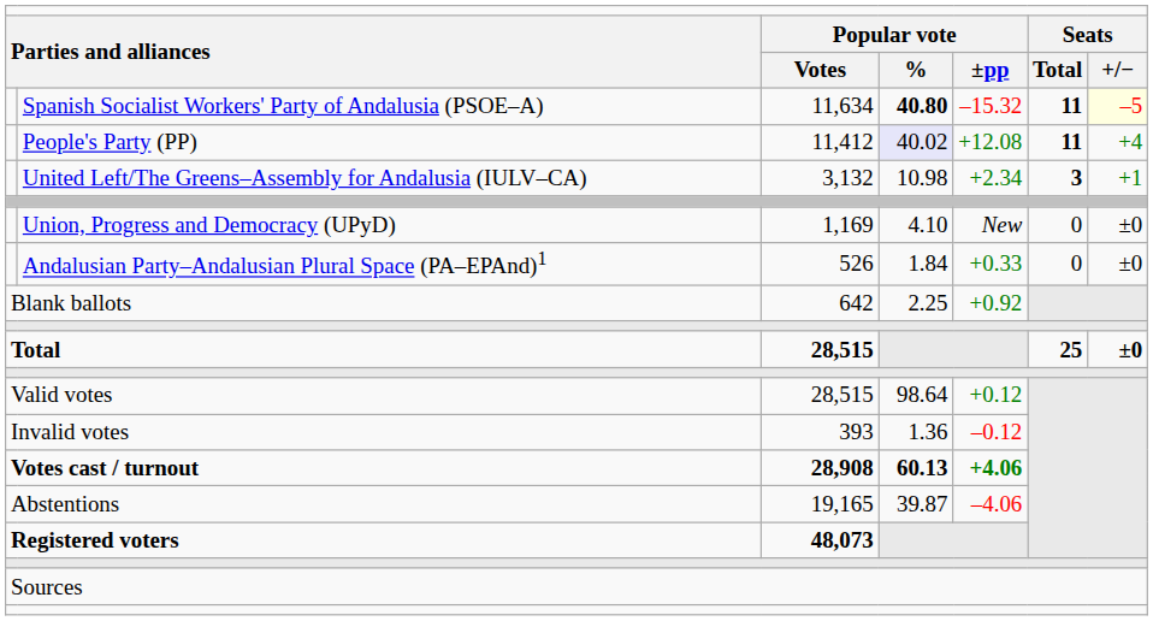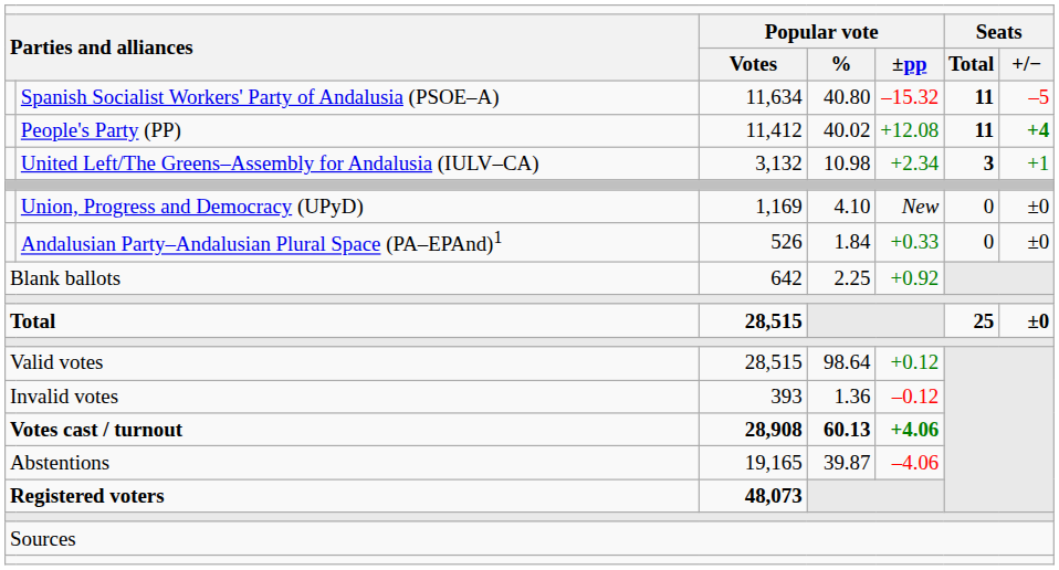 <table class="wikitable" style="text-align:right;">
 <tr>
 <td colspan="7"></td>
 </tr>
 <tr>
 <th style="text-align:left;" rowspan="2" colspan="2" width="525">Parties and alliances</th>
 <th colspan="3">Popular vote</th>
 <th colspan="2">Seats</th>
 </tr>
 <tr>
 <th width="75">Votes</th>
 <th width="45">%</th>
 <th width="45">±<a href='#'>pp</a></th>
 <th width="35">Total</th>
 <th width="35">+/−</th>
 </tr>
 <tr>
 <td width="1" style="color:inherit;background:"></td>
 <td align="left"><a href='#'>Spanish Socialist Workers' Party of Andalusia</a> (PSOE–A)</td>
 <td>11,634</td>
-<td><strong>40.80</strong></td>
+<td>40.80</td>
 <td style="color:red;">–15.32</td>
 <td><strong>11</strong></td>
-<td style="background: lightyellow; color:red;">–5</td>
+<td style="color:red;">–5</td>
 </tr>
 <tr>
 <td style="color:inherit;background:"></td>
 <td align="left"><a href='#'>People's Party</a> (PP)</td>
 <td>11,412</td>
-<td style="background: lavender;">40.02</td>
+<td>40.02</td>
 <td style="color:green;">+12.08</td>
 <td><strong>11</strong></td>
-<td style="color:green;">+4</td>
+<td style="color:green;"><strong>+4</strong></td>
 </tr>
 <tr>
 <td style="color:inherit;background:"></td>
 <td align="left"><a href='#'>United Left/The Greens–Assembly for Andalusia</a> (IULV–CA)</td>
 <td>3,132</td>
 <td>10.98</td>
 <td style="color:green;">+2.34</td>
 <td><strong>3</strong></td>
 <td style="color:green;">+1</td>
 </tr>
 <tr>
 <td colspan="7" bgcolor="#C0C0C0"></td>
 </tr>
 <tr>
 <td style="color:inherit;background:"></td>
 <td align="left"><a href='#'>Union, Progress and Democracy</a> (UPyD)</td>
 <td>1,169</td>
 <td>4.10</td>
 <td><em>New</em></td>
 <td>0</td>
 <td>±0</td>
 </tr>
 <tr>
 <td style="color:inherit;background:"></td>
 <td align="left"><a href='#'>Andalusian Party–Andalusian Plural Space</a> (PA–EPAnd)<sup>1</sup></td>
 <td>526</td>
 <td>1.84</td>
 <td style="color:green;">+0.33</td>
 <td>0</td>
 <td>±0</td>
 </tr>
 <tr>
 <td align="left" colspan="2">Blank ballots</td>
 <td>642</td>
 <td>2.25</td>
 <td style="color:green;">+0.92</td>
 <td bgcolor="#E9E9E9" colspan="2"></td>
 </tr>
 <tr>
 <td colspan="7" bgcolor="#E9E9E9"></td>
 </tr>
 <tr style="font-weight:bold;">
 <td align="left" colspan="2">Total</td>
 <td>28,515</td>
 <td bgcolor="#E9E9E9" colspan="2"></td>
 <td>25</td>
 <td>±0</td>
 </tr>
 <tr>
 <td colspan="7" bgcolor="#E9E9E9"></td>
 </tr>
 <tr>
 <td align="left" colspan="2">Valid votes</td>
 <td>28,515</td>
 <td>98.64</td>
 <td style="color:green;">+0.12</td>
 <td bgcolor="#E9E9E9" colspan="2" rowspan="5"></td>
 </tr>
 <tr>
 <td align="left" colspan="2">Invalid votes</td>
 <td>393</td>
 <td>1.36</td>
 <td style="color:red;">–0.12</td>
 </tr>
 <tr style="font-weight:bold;">
 <td align="left" colspan="2">Votes cast / turnout</td>
 <td>28,908</td>
 <td>60.13</td>
 <td style="color:green;">+4.06</td>
 </tr>
 <tr>
 <td align="left" colspan="2">Abstentions</td>
 <td>19,165</td>
 <td>39.87</td>
 <td style="color:red;">–4.06</td>
 </tr>
 <tr style="font-weight:bold;">
 <td align="left" colspan="2">Registered voters</td>
 <td>48,073</td>
 <td bgcolor="#E9E9E9" colspan="2"></td>
 </tr>
 <tr>
 <td colspan="7" bgcolor="#E9E9E9"></td>
 </tr>
 <tr>
 <td align="left" colspan="7">Sources</td>
 </tr>
 <tr>
 <td colspan="7" style="text-align:left; max-width:790px;"></td>
 </tr>
 </table>
